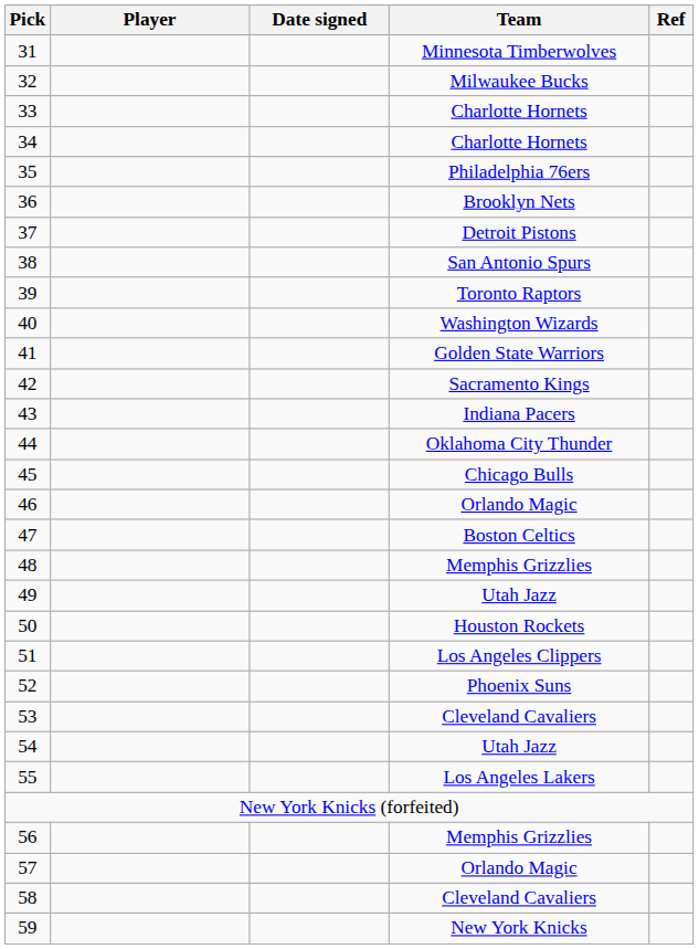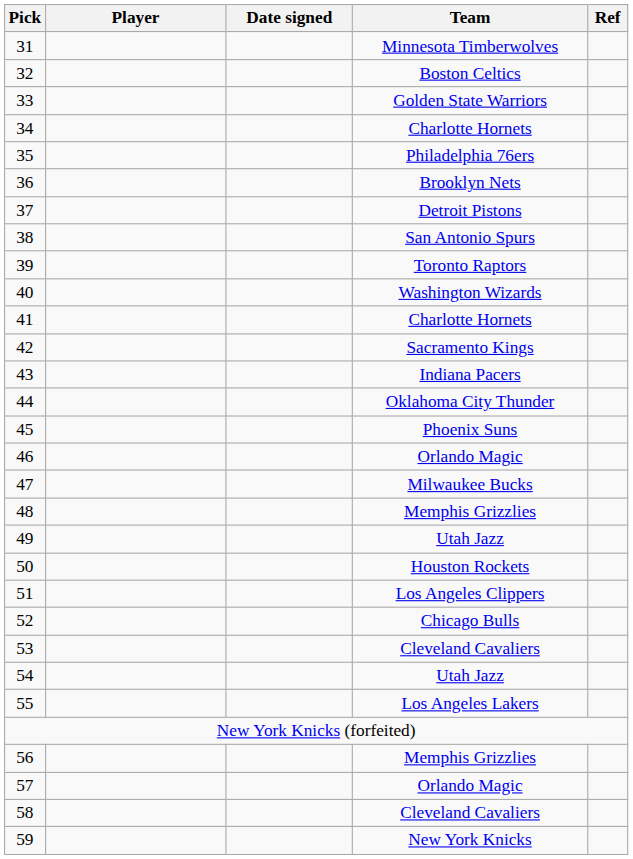 <table class="wikitable sortable" style="text-align:left">
 <tr>
 <th style="width:30px">Pick</th>
 <th style="width:160px">Player</th>
 <th style="width:110px">Date signed</th>
 <th style="width:210px">Team</th>
 <th class="unsortable" style="width:30px">Ref</th>
 </tr>
 <tr>
 <td align=center>31</td>
 <td></td>
 <td align=center></td>
 <td align=center><a href='#'>Minnesota Timberwolves</a></td>
 <td align=center></td>
 </tr>
 <tr>
 <td align=center>32</td>
 <td></td>
 <td align=center></td>
-<td align=center><a href='#'>Milwaukee Bucks</a></td>
+<td align=center><a href='#'>Boston Celtics</a></td>
 <td align=center></td>
 </tr>
 <tr>
 <td align=center>33</td>
 <td></td>
 <td align=center></td>
-<td align=center><a href='#'>Charlotte Hornets</a></td>
+<td align=center><a href='#'>Golden State Warriors</a></td>
 <td align=center></td>
 </tr>
 <tr>
 <td align=center>34</td>
 <td></td>
 <td align=center></td>
 <td align=center><a href='#'>Charlotte Hornets</a></td>
 <td align=center></td>
 </tr>
 <tr>
 <td align=center>35</td>
 <td></td>
 <td align=center></td>
 <td align=center><a href='#'>Philadelphia 76ers</a></td>
 <td align=center></td>
 </tr>
 <tr>
 <td align=center>36</td>
 <td></td>
 <td align=center></td>
 <td align=center><a href='#'>Brooklyn Nets</a></td>
 <td align=center></td>
 </tr>
 <tr>
 <td align=center>37</td>
 <td></td>
 <td align=center></td>
 <td align=center><a href='#'>Detroit Pistons</a></td>
 <td align=center></td>
 </tr>
 <tr>
 <td align=center>38</td>
 <td></td>
 <td align=center></td>
 <td align=center><a href='#'>San Antonio Spurs</a></td>
 <td align=center></td>
 </tr>
 <tr>
 <td align=center>39</td>
 <td></td>
 <td align=center></td>
 <td align=center><a href='#'>Toronto Raptors</a></td>
 <td align=center></td>
 </tr>
 <tr>
 <td align=center>40</td>
 <td></td>
 <td align=center></td>
 <td align=center><a href='#'>Washington Wizards</a></td>
 <td align=center></td>
 </tr>
 <tr>
 <td align=center>41</td>
 <td></td>
 <td align=center></td>
-<td align=center><a href='#'>Golden State Warriors</a></td>
+<td align=center><a href='#'>Charlotte Hornets</a></td>
 <td align=center></td>
 </tr>
 <tr>
 <td align=center>42</td>
 <td></td>
 <td align=center></td>
 <td align=center><a href='#'>Sacramento Kings</a></td>
 <td align=center></td>
 </tr>
 <tr>
 <td align=center>43</td>
 <td></td>
 <td align=center></td>
 <td align=center><a href='#'>Indiana Pacers</a></td>
 <td align=center></td>
 </tr>
 <tr>
 <td align=center>44</td>
 <td></td>
 <td align=center></td>
 <td align=center><a href='#'>Oklahoma City Thunder</a></td>
 <td align=center></td>
 </tr>
 <tr>
 <td align=center>45</td>
 <td></td>
 <td align=center></td>
-<td align=center><a href='#'>Chicago Bulls</a></td>
+<td align=center><a href='#'>Phoenix Suns</a></td>
 <td align=center></td>
 </tr>
 <tr>
 <td align=center>46</td>
 <td></td>
 <td align=center></td>
 <td align=center><a href='#'>Orlando Magic</a></td>
 <td align=center></td>
 </tr>
 <tr>
 <td align=center>47</td>
 <td></td>
 <td align=center></td>
-<td align=center><a href='#'>Boston Celtics</a></td>
+<td align=center><a href='#'>Milwaukee Bucks</a></td>
 <td align=center></td>
 </tr>
 <tr>
 <td align=center>48</td>
 <td></td>
 <td align=center></td>
 <td align=center><a href='#'>Memphis Grizzlies</a></td>
 <td align=center></td>
 </tr>
 <tr>
 <td align=center>49</td>
 <td></td>
 <td align=center></td>
 <td align=center><a href='#'>Utah Jazz</a></td>
 <td align=center></td>
 </tr>
 <tr>
 <td align=center>50</td>
 <td></td>
 <td align=center></td>
 <td align=center><a href='#'>Houston Rockets</a></td>
 <td align=center></td>
 </tr>
 <tr>
 <td align=center>51</td>
 <td></td>
 <td align=center></td>
 <td align=center><a href='#'>Los Angeles Clippers</a></td>
 <td align=center></td>
 </tr>
 <tr>
 <td align=center>52</td>
 <td></td>
 <td align=center></td>
-<td align=center><a href='#'>Phoenix Suns</a></td>
+<td align=center><a href='#'>Chicago Bulls</a></td>
 <td align=center></td>
 </tr>
 <tr>
 <td align=center>53</td>
 <td></td>
 <td align=center></td>
 <td align=center><a href='#'>Cleveland Cavaliers</a></td>
 <td align=center></td>
 </tr>
 <tr>
 <td align=center>54</td>
 <td></td>
 <td align=center></td>
 <td align=center><a href='#'>Utah Jazz</a></td>
 <td align=center></td>
 </tr>
 <tr>
 <td align=center>55</td>
 <td></td>
 <td align=center></td>
 <td align=center><a href='#'>Los Angeles Lakers</a></td>
 <td align=center></td>
 </tr>
 <tr>
 <td align=center colspan=5><a href='#'>New York Knicks</a> (forfeited)</td>
 </tr>
 <tr>
 <td align=center>56</td>
 <td></td>
 <td align=center></td>
 <td align=center><a href='#'>Memphis Grizzlies</a></td>
 <td align=center></td>
 </tr>
 <tr>
 <td align=center>57</td>
 <td></td>
 <td align=center></td>
 <td align=center><a href='#'>Orlando Magic</a></td>
 <td align=center></td>
 </tr>
 <tr>
 <td align=center>58</td>
 <td></td>
 <td align=center></td>
 <td align=center><a href='#'>Cleveland Cavaliers</a></td>
 <td align=center></td>
 </tr>
 <tr>
 <td align=center>59</td>
 <td></td>
 <td align=center></td>
 <td align=center><a href='#'>New York Knicks</a></td>
 <td align=center></td>
 </tr>
 </table>
